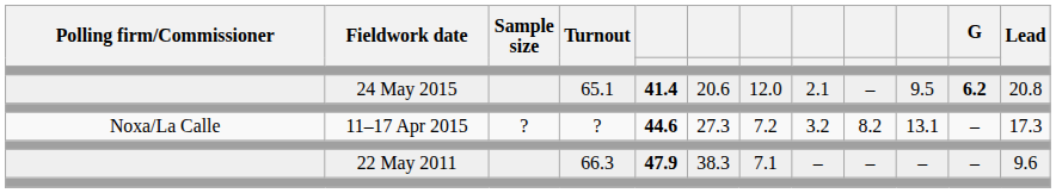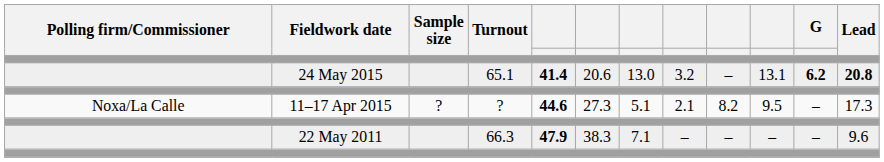 <table class="wikitable collapsible collapsed" style="text-align:center; font-size:95%; line-height:16px;">
 <tr style="height:42px;">
 <th style="width:250px;" rowspan="2">Polling firm/Commissioner</th>
 <th style="width:125px;" rowspan="2">Fieldwork date</th>
 <th style="width:50px;" rowspan="2">Sample size</th>
 <th style="width:45px;" rowspan="2">Turnout</th>
 <th style="width:35px;"></th>
 <th style="width:35px;"></th>
 <th style="width:35px;"></th>
 <th style="width:35px;"></th>
 <th style="width:35px;"></th>
 <th style="width:35px;"></th>
 <th style="width:35px;">G</th>
 <th style="width:30px;" rowspan="2">Lead</th>
 </tr>
 <tr>
 <th style="color:inherit;background:"></th>
 <th style="color:inherit;background:"></th>
 <th style="color:inherit;background:"></th>
 <th style="color:inherit;background:"></th>
 <th style="color:inherit;background:"></th>
 <th style="color:inherit;background:"></th>
 <th style="color:inherit;background:"></th>
 </tr>
 <tr>
 <td colspan="12" style="background:#A0A0A0"></td>
 </tr>
 <tr style="background:#EFEFEF;">
 <td><strong></strong></td>
 <td>24 May 2015</td>
 <td></td>
 <td>65.1</td>
 <td><strong>41.4</strong><br></td>
 <td>20.6<br></td>
-<td>12.0<br></td>
-<td>2.1<br></td>
+<td>13.0<br></td>
+<td>3.2</td>
 <td>–</td>
-<td>9.5</td>
+<td>13.1<br></td>
 <td><strong>6.2<br></strong></td>
-<td style="background:">20.8</td>
+<td style="background:"><strong>20.8</strong></td>
 </tr>
 <tr>
 <td colspan="12" style="background:#A0A0A0"></td>
 </tr>
 <tr>
 <td>Noxa/La Calle</td>
 <td>11–17 Apr 2015</td>
 <td>?</td>
 <td>?</td>
 <td><strong>44.6</strong></td>
 <td>27.3</td>
-<td>7.2</td>
-<td>3.2</td>
+<td>5.1</td>
+<td>2.1<br></td>
 <td>8.2</td>
-<td>13.1<br></td>
+<td>9.5</td>
 <td>–</td>
 <td style="background:">17.3</td>
 </tr>
 <tr>
 <td colspan="12" style="background:#A0A0A0"></td>
 </tr>
 <tr style="background:#EFEFEF;">
 <td><strong></strong></td>
 <td>22 May 2011</td>
 <td></td>
 <td>66.3</td>
 <td><strong>47.9</strong><br></td>
 <td>38.3<br></td>
 <td>7.1<br></td>
 <td>–</td>
 <td>–</td>
 <td>–</td>
 <td>–</td>
 <td style="background:">9.6</td>
 </tr>
 <tr>
 <td colspan="12" style="background:#A0A0A0"></td>
 </tr>
 </table>
